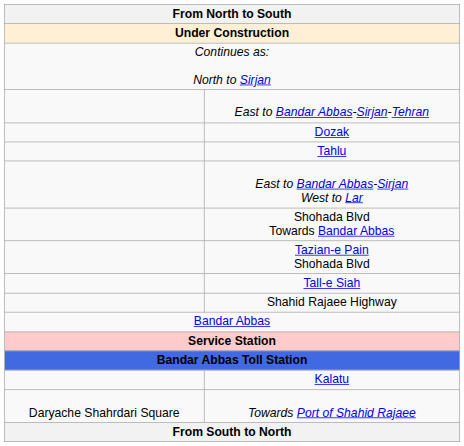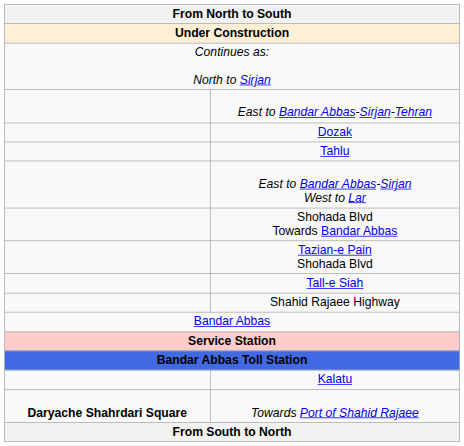 <table class="wikitable" style="text-align:center" width="600px">
 <tr>
 <th text-align="center" colspan="3"> From North to South </th>
 </tr>
 <tr>
 <td text-align="center" colspan="3" bgcolor="#FFEFD5"> <strong>Under Construction</strong> </td>
 </tr>
 <tr>
 <td colspan="7" align="center"><em>Continues as:</em><br><br><em>North to <a href='#'>Sirjan</a></em></td>
 </tr>
 <tr>
 <td><br></td>
 <td><br><em>East to <a href='#'>Bandar Abbas</a>-<a href='#'>Sirjan</a>-<a href='#'>Tehran</a></em></td>
 </tr>
 <tr>
 <td></td>
 <td> <a href='#'>Dozak</a></td>
 </tr>
 <tr>
 <td></td>
 <td> <a href='#'>Tahlu</a></td>
 </tr>
 <tr>
 <td></td>
 <td><br><em>East to <a href='#'>Bandar Abbas</a>-<a href='#'>Sirjan</a></em><br><em>West to <a href='#'>Lar</a></em></td>
 </tr>
 <tr>
 <td></td>
 <td> Shohada Blvd<br>Towards <a href='#'>Bandar Abbas</a></td>
 </tr>
 <tr>
 <td></td>
 <td> <a href='#'>Tazian-e Pain</a><br> Shohada Blvd</td>
 </tr>
 <tr>
 <td></td>
 <td> <a href='#'>Tall-e Siah</a></td>
 </tr>
 <tr>
 <td><br></td>
 <td>  Shahid Rajaee Highway</td>
 </tr>
 <tr>
 <td colspan="7"  style="text-align:center; background:#F5 F5 DC;">  <a href='#'>Bandar Abbas</a> </td>
 </tr>
 <tr>
 <td align="center" bgcolor="#FFCBCB" colspan="7"> <strong>Service Station</strong></td>
 </tr>
 <tr>
 <td colspan="7" align="center" bgcolor="#41 69 E1" color: #FFFFFF>  <strong>Bandar Abbas Toll Station</strong></td>
 </tr>
 <tr>
 <td></td>
 <td> <a href='#'>Kalatu</a></td>
 </tr>
 <tr>
-<td><br> Daryache Shahrdari Square</td>
+<td><strong><br> Daryache Shahrdari Square</strong></td>
 <td><br><em>Towards <a href='#'>Port of Shahid Rajaee</a></em></td>
 </tr>
 <tr>
 <th text-align="center" colspan="3"> From South to North </th>
 </tr>
 </table>
